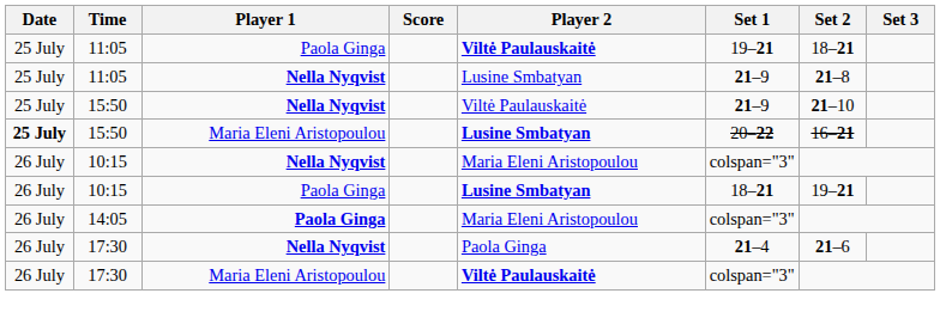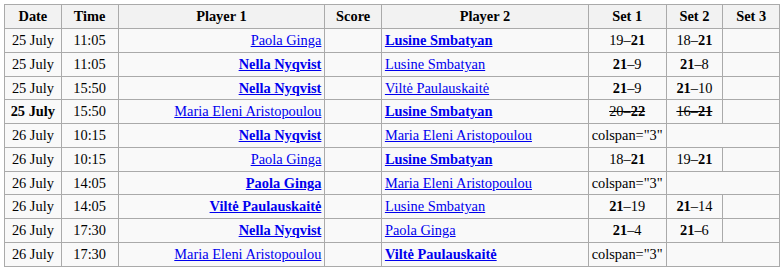 <table class="wikitable" style="font-size:90%; text-align:center">
 <tr>
 <th width="50">Date</th>
 <th width="50">Time</th>
 <th width="200">Player 1</th>
 <th width="50">Score</th>
 <th width="200">Player 2</th>
 <th width="50">Set 1</th>
 <th width="50">Set 2</th>
 <th width="50">Set 3</th>
 </tr>
 <tr>
 <td>25 July</td>
 <td>11:05</td>
 <td align="right"><a href='#'>Paola Ginga</a> </td>
 <td></td>
-<td align="left"><strong> <a href='#'>Viltė Paulauskaitė</a></strong></td>
+<td align="left"><strong> <a href='#'>Lusine Smbatyan</a></strong></td>
 <td>19–<strong>21</strong></td>
 <td>18–<strong>21</strong></td>
 <td></td>
 </tr>
 <tr>
 <td>25 July</td>
 <td>11:05</td>
 <td align="right"><strong><a href='#'>Nella Nyqvist</a> </strong></td>
 <td></td>
 <td align="left"> <a href='#'>Lusine Smbatyan</a></td>
 <td><strong>21</strong>–9</td>
 <td><strong>21</strong>–8</td>
 <td></td>
 </tr>
 <tr>
 <td>25 July</td>
 <td>15:50</td>
 <td align="right"><strong><a href='#'>Nella Nyqvist</a> </strong></td>
 <td></td>
 <td align="left"> <a href='#'>Viltė Paulauskaitė</a></td>
 <td><strong>21</strong>–9</td>
 <td><strong>21</strong>–10</td>
 <td></td>
 </tr>
 <tr>
 <td><strong>25 July</strong></td>
 <td>15:50</td>
 <td align="right"><a href='#'>Maria Eleni Aristopoulou</a> </td>
 <td></td>
 <td align="left"><strong> <a href='#'>Lusine Smbatyan</a></strong></td>
 <td><s>20–<strong>22</strong></s></td>
 <td><s>16–<strong>21</strong></s></td>
 <td></td>
 </tr>
 <tr>
 <td>26 July</td>
 <td>10:15</td>
 <td align="right"><strong><a href='#'>Nella Nyqvist</a> </strong></td>
 <td></td>
 <td align="left"> <a href='#'>Maria Eleni Aristopoulou</a></td>
 <td>colspan="3" </td>
 </tr>
 <tr>
 <td>26 July</td>
 <td>10:15</td>
 <td align="right"><a href='#'>Paola Ginga</a> </td>
 <td></td>
 <td align="left"><strong> <a href='#'>Lusine Smbatyan</a></strong></td>
 <td>18–<strong>21</strong></td>
 <td>19–<strong>21</strong></td>
 <td></td>
 </tr>
 <tr>
 <td>26 July</td>
 <td>14:05</td>
 <td align="right"><strong><a href='#'>Paola Ginga</a> </strong></td>
 <td></td>
 <td align="left"> <a href='#'>Maria Eleni Aristopoulou</a></td>
 <td>colspan="3" </td>
 </tr>
 <tr>
 <td>26 July</td>
+<td>14:05</td>
+<td align="right"><strong><a href='#'>Viltė Paulauskaitė</a> </strong></td>
+<td></td>
+<td align="left"> <a href='#'>Lusine Smbatyan</a></td>
+<td><strong>21</strong>–19</td>
+<td><strong>21</strong>–14</td>
+<td></td>
+</tr>
+<tr>
+<td>26 July</td>
 <td>17:30</td>
 <td align="right"><strong><a href='#'>Nella Nyqvist</a> </strong></td>
 <td></td>
 <td align="left"> <a href='#'>Paola Ginga</a></td>
 <td><strong>21</strong>–4</td>
 <td><strong>21</strong>–6</td>
 <td></td>
 </tr>
 <tr>
 <td>26 July</td>
 <td>17:30</td>
 <td align="right"><a href='#'>Maria Eleni Aristopoulou</a> </td>
 <td></td>
 <td align="left"><strong> <a href='#'>Viltė Paulauskaitė</a></strong></td>
 <td>colspan="3" </td>
 </tr>
 </table>
